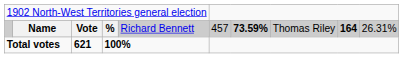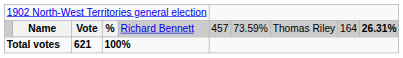 <table class="wikitable">
 <tr>
 <td colspan=5 align=center><a href='#'>1902 North-West Territories general election</a></td>
 </tr>
 <tr bgcolor="CCCCCC">
 <td></td>
 <th>Name</th>
 <th>Vote</th>
 <th>%<br></th>
 <td><a href='#'>Richard Bennett</a></td>
 <td>457</td>
-<td><strong>73.59%<br></strong></td>
+<td>73.59%<br></td>
 <td>Thomas Riley</td>
-<td><strong>164</strong></td>
-<td>26.31%</td>
+<td>164</td>
+<td><strong>26.31%</strong></td>
 </tr>
 <tr>
 <td colspan=2><strong>Total votes</strong></td>
 <td><strong>621</strong></td>
 <td colspan=2 alignment="left"><strong>100%</strong></td>
 </tr>
 </table>
